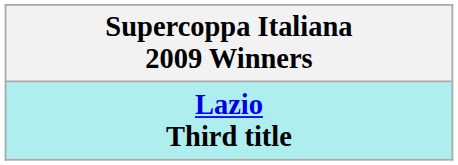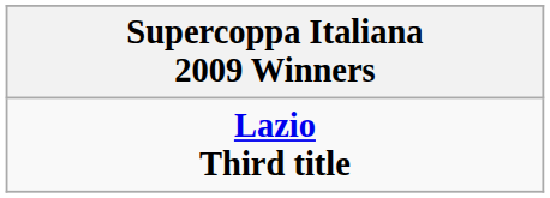 <table class="wikitable" style="text-align: center; margin: 0 auto; width: 20%">
 <tr>
 <th>Supercoppa Italiana <br>2009 Winners</th>
 </tr>
 <tr>
-<td style="background: paleturquoise;"><strong><a href='#'>Lazio</a></strong><br><strong>Third title</strong></td>
+<td><strong><a href='#'>Lazio</a></strong><br><strong>Third title</strong></td>
 </tr>
 </table>
